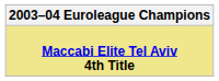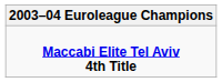 <table class=wikitable style="text-align:center; margin:auto">
 <tr>
 <th>2003–04 Euroleague Champions</th>
 </tr>
 <tr>
-<td style="background: khaki;"><br> <strong><a href='#'>Maccabi Elite Tel Aviv</a></strong> <br> <strong>4th Title</strong></td>
+<td><br> <strong><a href='#'>Maccabi Elite Tel Aviv</a></strong> <br> <strong>4th Title</strong></td>
 </tr>
 </table>
